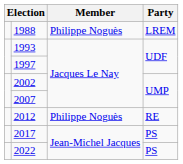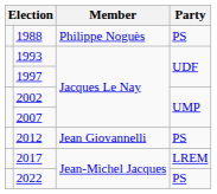 <table class="wikitable">
 <tr>
 <th colspan="2">Election</th>
 <th>Member</th>
 <th>Party</th>
 </tr>
 <tr>
 <td style="color:inherit;background-color: "></td>
 <td><a href='#'>1988</a></td>
 <td><a href='#'>Philippe Noguès</a></td>
-<td><a href='#'>LREM</a></td>
+<td><a href='#'>PS</a></td>
 </tr>
 <tr>
 <td rowspan="2" style="background-color: "></td>
 <td><a href='#'>1993</a></td>
 <td rowspan="4"><a href='#'>Jacques Le Nay</a></td>
 <td rowspan="2"><a href='#'>UDF</a></td>
 </tr>
 <tr>
 <td><a href='#'>1997</a></td>
 </tr>
 <tr>
 <td rowspan="2" style="background-color: "></td>
 <td><a href='#'>2002</a></td>
 <td rowspan="2"><a href='#'>UMP</a></td>
 </tr>
 <tr>
 <td><a href='#'>2007</a></td>
 </tr>
 <tr>
 <td style="color:inherit;background-color: "></td>
 <td><a href='#'>2012</a></td>
-<td><a href='#'>Philippe Noguès</a></td>
-<td><a href='#'>RE</a></td>
+<td><a href='#'>Jean Giovannelli</a></td>
+<td><a href='#'>PS</a></td>
 </tr>
 <tr>
 <td style="color:inherit;background-color: "></td>
 <td><a href='#'>2017</a></td>
 <td rowspan="2"><a href='#'>Jean-Michel Jacques</a></td>
-<td><a href='#'>PS</a></td>
+<td><a href='#'>LREM</a></td>
 </tr>
 <tr>
 <td style="color:inherit;background-color: "></td>
 <td><a href='#'>2022</a></td>
 <td><a href='#'>PS</a></td>
 </tr>
 </table>
